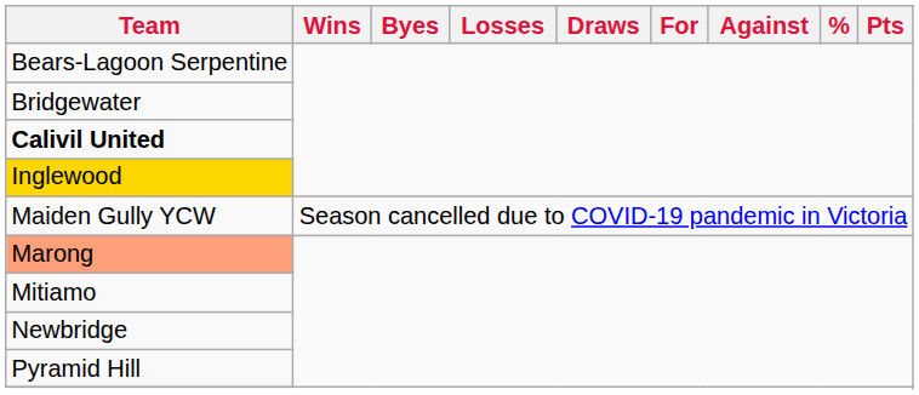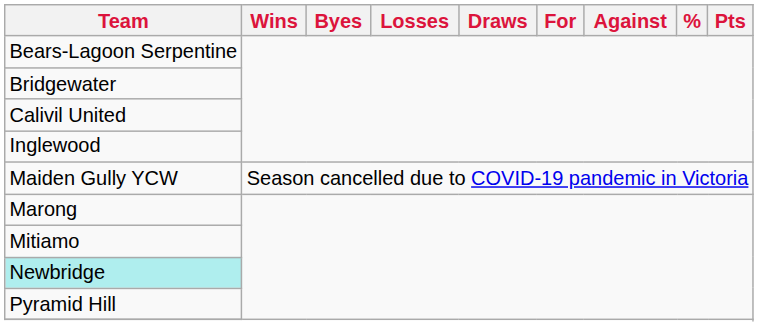 <table style="font-size: 85%; text-align: left;" class="wikitable">
 <tr>
 <th style="color:crimson">Team</th>
 <th style="color:crimson">Wins</th>
 <th style="color:crimson">Byes</th>
 <th style="color:crimson">Losses</th>
 <th style="color:crimson">Draws</th>
 <th style="color:crimson">For</th>
 <th style="color:crimson">Against</th>
 <th style="color:crimson">%</th>
 <th style="color:crimson">Pts</th>
 </tr>
 <tr>
 <td>Bears-Lagoon Serpentine</td>
 </tr>
 <tr>
 <td>Bridgewater</td>
 </tr>
 <tr>
-<td><strong>Calivil United</strong></td>
+<td>Calivil United</td>
 </tr>
 <tr>
-<td style="background: gold;">Inglewood</td>
+<td>Inglewood</td>
 </tr>
 <tr>
 <td>Maiden Gully YCW</td>
 <td colspan=8 align=center>Season cancelled due to <a href='#'>COVID-19 pandemic in Victoria</a></td>
 </tr>
 <tr>
-<td style="background: lightsalmon;">Marong</td>
+<td>Marong</td>
 </tr>
 <tr>
 <td>Mitiamo</td>
 </tr>
 <tr>
-<td>Newbridge</td>
+<td style="background: paleturquoise;">Newbridge</td>
 </tr>
 <tr>
 <td>Pyramid Hill</td>
 </tr>
 <tr>
 </tr>
 </table>
